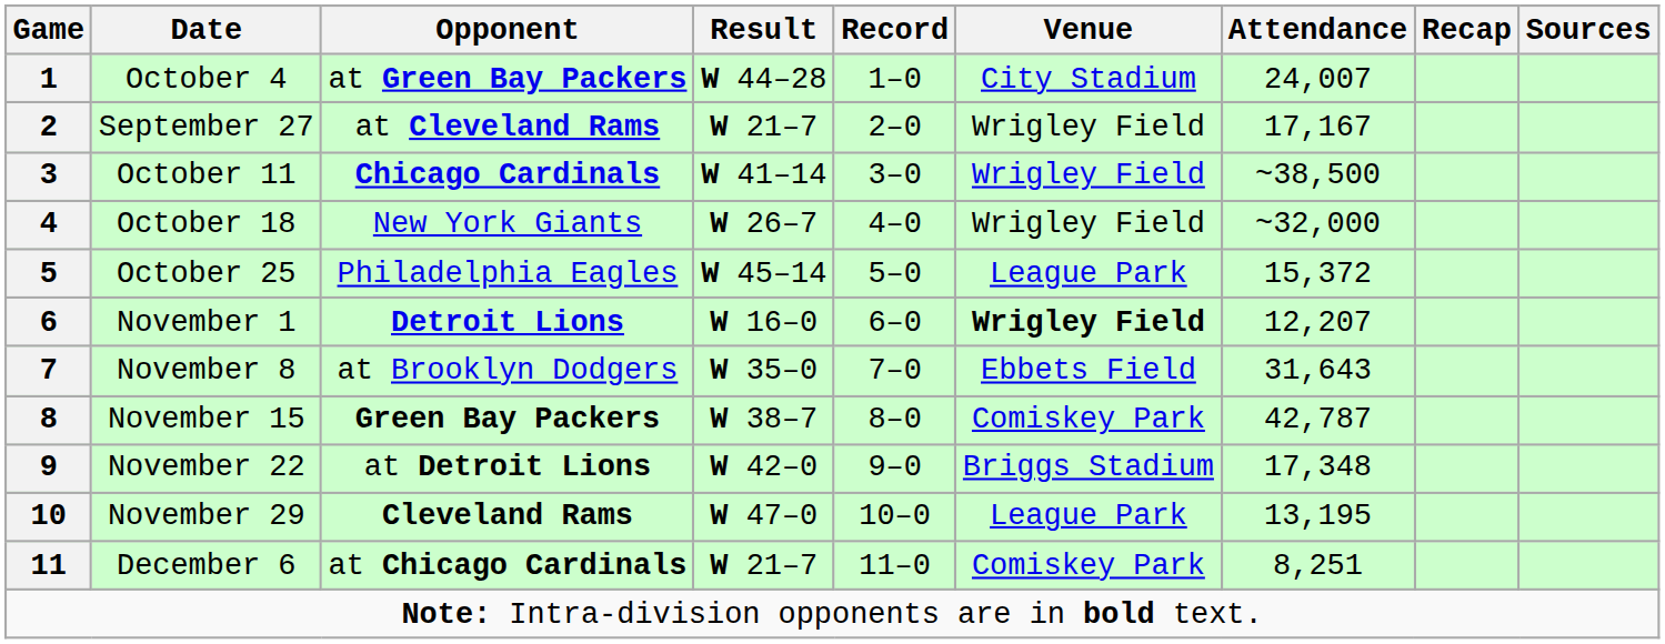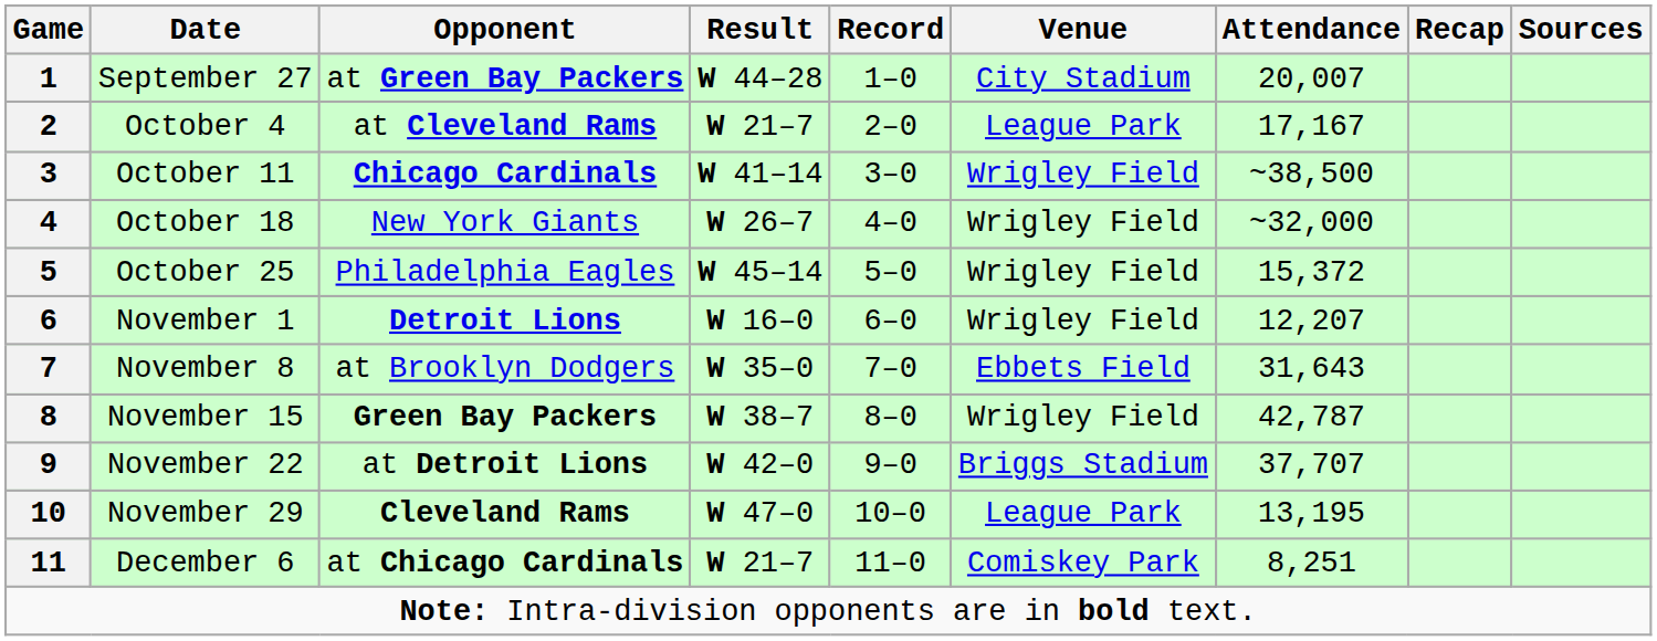 <table class="wikitable" style="text-align:center">
 <tr>
 <th>Game</th>
 <th>Date</th>
 <th>Opponent</th>
 <th>Result</th>
 <th>Record</th>
 <th>Venue</th>
 <th>Attendance</th>
 <th>Recap</th>
 <th>Sources</th>
 </tr>
 <tr style="background:#cfc">
 <th>1</th>
-<td>October 4</td>
+<td>September 27</td>
 <td>at <strong><a href='#'>Green Bay Packers</a></strong></td>
 <td><strong>W</strong> 44–28</td>
 <td>1–0</td>
 <td><a href='#'>City Stadium</a></td>
-<td>24,007</td>
+<td>20,007</td>
 <td></td>
 <td></td>
 </tr>
 <tr style="background:#cfc">
 <th>2</th>
-<td>September 27</td>
+<td>October 4</td>
 <td>at <strong><a href='#'>Cleveland Rams</a></strong></td>
 <td><strong>W</strong> 21–7</td>
 <td>2–0</td>
-<td>Wrigley Field</td>
+<td><a href='#'>League Park</a></td>
 <td>17,167</td>
 <td></td>
 <td></td>
 </tr>
 <tr style="background:#cfc">
 <th>3</th>
 <td>October 11</td>
 <td><strong><a href='#'>Chicago Cardinals</a></strong></td>
 <td><strong>W</strong> 41–14</td>
 <td>3–0</td>
 <td><a href='#'>Wrigley Field</a></td>
 <td>~38,500</td>
 <td></td>
 <td></td>
 </tr>
 <tr style="background:#cfc">
 <th>4</th>
 <td>October 18</td>
 <td><a href='#'>New York Giants</a></td>
 <td><strong>W</strong> 26–7</td>
 <td>4–0</td>
 <td>Wrigley Field</td>
 <td>~32,000</td>
 <td></td>
 <td></td>
 </tr>
 <tr style="background:#cfc">
 <th>5</th>
 <td>October 25</td>
 <td><a href='#'>Philadelphia Eagles</a></td>
 <td><strong>W</strong> 45–14</td>
 <td>5–0</td>
-<td><a href='#'>League Park</a></td>
+<td>Wrigley Field</td>
 <td>15,372</td>
 <td></td>
 <td></td>
 </tr>
 <tr style="background:#cfc">
 <th>6</th>
 <td>November 1</td>
 <td><strong><a href='#'>Detroit Lions</a></strong></td>
 <td><strong>W</strong> 16–0</td>
 <td>6–0</td>
-<td><strong>Wrigley Field</strong></td>
+<td>Wrigley Field</td>
 <td>12,207</td>
 <td></td>
 <td></td>
 </tr>
 <tr style="background:#cfc">
 <th>7</th>
 <td>November 8</td>
 <td>at <a href='#'>Brooklyn Dodgers</a></td>
 <td><strong>W</strong> 35–0</td>
 <td>7–0</td>
 <td><a href='#'>Ebbets Field</a></td>
 <td>31,643</td>
 <td></td>
 <td></td>
 </tr>
 <tr style="background:#cfc">
 <th>8</th>
 <td>November 15</td>
 <td><strong>Green Bay Packers</strong></td>
 <td><strong>W</strong> 38–7</td>
 <td>8–0</td>
-<td><a href='#'>Comiskey Park</a></td>
+<td>Wrigley Field</td>
 <td>42,787</td>
 <td></td>
 <td></td>
 </tr>
 <tr style="background:#cfc">
 <th>9</th>
 <td>November 22</td>
 <td>at <strong>Detroit Lions</strong></td>
 <td><strong>W</strong> 42–0</td>
 <td>9–0</td>
 <td><a href='#'>Briggs Stadium</a></td>
-<td>17,348</td>
+<td>37,707</td>
 <td></td>
 <td></td>
 </tr>
 <tr style="background:#cfc">
 <th>10</th>
 <td>November 29</td>
 <td><strong>Cleveland Rams</strong></td>
 <td><strong>W</strong> 47–0</td>
 <td>10–0</td>
 <td><a href='#'>League Park</a></td>
 <td>13,195</td>
 <td></td>
 <td></td>
 </tr>
 <tr style="background:#cfc">
 <th>11</th>
 <td>December 6</td>
 <td>at <strong>Chicago Cardinals</strong></td>
 <td><strong>W</strong> 21–7</td>
 <td>11–0</td>
 <td><a href='#'>Comiskey Park</a></td>
 <td>8,251</td>
 <td></td>
 <td></td>
 </tr>
 <tr>
 <td colspan="10"><strong>Note:</strong> Intra-division opponents are in <strong>bold</strong> text.</td>
 </tr>
 </table>
